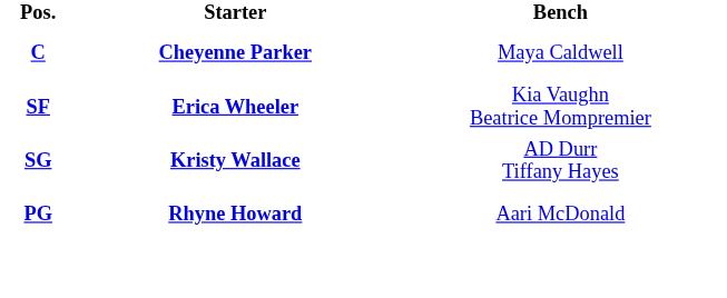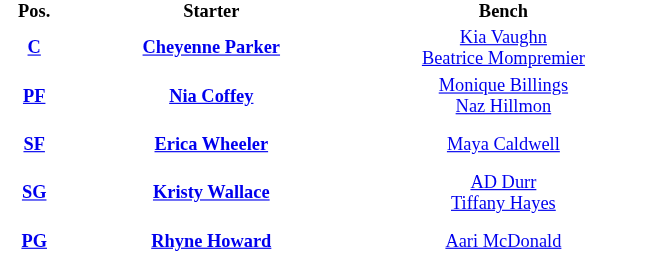 <table style="text-align:center; ">
 <tr>
 <th width="50">Pos.</th>
 <th width="250">Starter</th>
 <th width="250">Bench</th>
 </tr>
 <tr style="height:40px; background:white; color:#092C57">
 <th><a href='#'><span>C</span></a></th>
 <td><strong><a href='#'>Cheyenne Parker</a></strong></td>
-<td><a href='#'>Maya Caldwell</a></td>
+<td><a href='#'>Kia Vaughn</a><br><a href='#'>Beatrice Mompremier</a></td>
+</tr>
+<tr style="height:40px; background:white; color:#092C57">
+<th><a href='#'><span>PF</span></a></th>
+<td><strong><a href='#'>Nia Coffey</a></strong></td>
+<td><a href='#'>Monique Billings</a><br><a href='#'>Naz Hillmon</a></td>
 </tr>
 <tr style="height:40px; background:white; color:#092C57">
 <th><a href='#'><span>SF</span></a></th>
 <td><strong><a href='#'>Erica Wheeler</a></strong></td>
-<td><a href='#'>Kia Vaughn</a><br><a href='#'>Beatrice Mompremier</a></td>
+<td><a href='#'>Maya Caldwell</a></td>
 </tr>
 <tr style="height:40px; background:white; color:#092C57">
 <th><a href='#'><span>SG</span></a></th>
 <td><strong><a href='#'>Kristy Wallace</a></strong></td>
 <td><a href='#'>AD Durr</a><br><a href='#'>Tiffany Hayes</a></td>
 </tr>
 <tr style="height:40px; background:white; color:#092C57">
 <th><a href='#'><span>PG</span></a></th>
 <td><strong><a href='#'>Rhyne Howard</a></strong></td>
 <td><a href='#'>Aari McDonald</a></td>
 </tr>
 </table>
